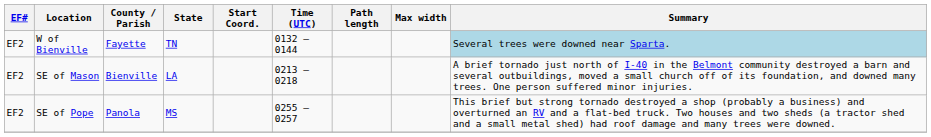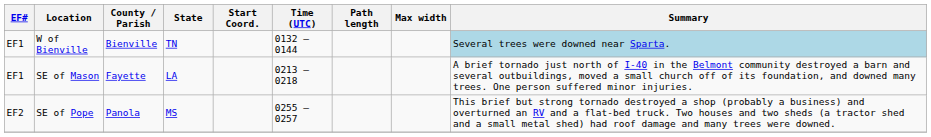 <table class="wikitable sortable" style="width:100%;">
 <tr>
 <th scope="col"  style="width:3%; text-align:center;"><a href='#'>EF#</a></th>
 <th scope="col"  style="width:7%; text-align:center;" class="unsortable">Location</th>
 <th scope="col"  style="width:6%; text-align:center;" class="unsortable">County / Parish</th>
 <th scope="col"  style="width:5%; text-align:center;">State</th>
 <th scope="col"  style="width:6%; text-align:center;">Start Coord.</th>
 <th scope="col"  style="width:6%; text-align:center;">Time (<a href='#'>UTC</a>)</th>
 <th scope="col"  style="width:6%; text-align:center;">Path length</th>
 <th scope="col"  style="width:6%; text-align:center;">Max width</th>
 <th scope="col" class="unsortable" style="width:48%; text-align:center;">Summary</th>
 </tr>
 <tr>
-<td>EF2</td>
+<td>EF1</td>
 <td>W of <a href='#'>Bienville</a></td>
-<td><a href='#'>Fayette</a></td>
+<td><a href='#'>Bienville</a></td>
 <td><a href='#'>TN</a></td>
 <td></td>
 <td>0132 – 0144</td>
 <td></td>
 <td></td>
 <td style="background: lightblue;">Several trees were downed near <a href='#'>Sparta</a>.</td>
 </tr>
 <tr>
-<td>EF2</td>
+<td>EF1</td>
 <td>SE of <a href='#'>Mason</a></td>
-<td><a href='#'>Bienville</a></td>
+<td><a href='#'>Fayette</a></td>
 <td><a href='#'>LA</a></td>
 <td></td>
 <td>0213 – 0218</td>
 <td></td>
 <td></td>
 <td>A brief tornado just north of <a href='#'>I-40</a> in the <a href='#'>Belmont</a> community destroyed a barn and several outbuildings, moved a small church  off of its foundation, and downed many trees. One person suffered minor injuries.</td>
 </tr>
 <tr>
 <td>EF2</td>
 <td>SE of <a href='#'>Pope</a></td>
 <td><a href='#'>Panola</a></td>
 <td><a href='#'>MS</a></td>
 <td></td>
 <td>0255 – 0257</td>
 <td></td>
 <td></td>
 <td>This brief but strong tornado destroyed a shop (probably a business) and overturned an <a href='#'>RV</a> and a flat-bed truck. Two houses and two sheds (a tractor shed and a small metal shed) had roof damage and many trees were downed.</td>
 </tr>
 <tr>
 </tr>
 </table>
